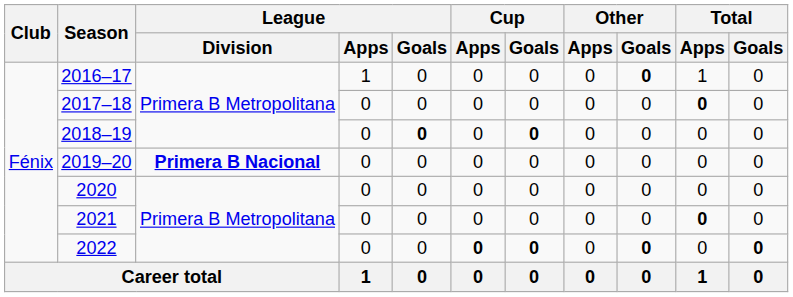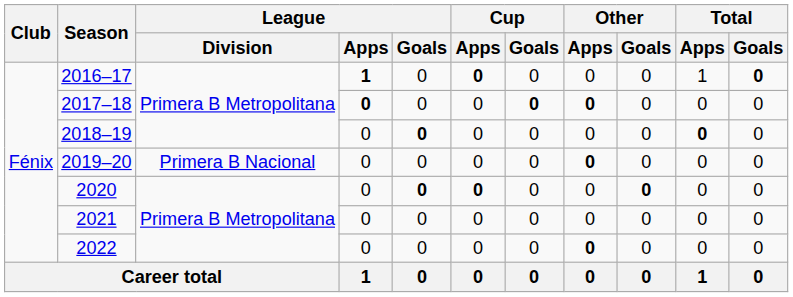 <table class=wikitable style=text-align:center>
 <tr>
 <th rowspan=2>Club</th>
 <th rowspan=2>Season</th>
 <th colspan=3>League</th>
 <th colspan=2>Cup</th>
 <th colspan=2>Other</th>
 <th colspan=2>Total</th>
 </tr>
 <tr>
 <th>Division</th>
 <th>Apps</th>
 <th>Goals</th>
 <th>Apps</th>
 <th>Goals</th>
 <th>Apps</th>
 <th>Goals</th>
 <th>Apps</th>
 <th>Goals</th>
 </tr>
 <tr>
 <td rowspan=7><a href='#'>Fénix</a></td>
 <td><a href='#'>2016–17</a></td>
 <td rowspan=3><a href='#'>Primera B Metropolitana</a></td>
-<td>1</td>
+<td><strong>1</strong></td>
+<td>0</td>
+<td><strong>0</strong></td>
 <td>0</td>
 <td>0</td>
 <td>0</td>
+<td>1</td>
+<td><strong>0</strong></td>
+</tr>
+<tr>
+<td><a href='#'>2017–18</a></td>
+<td><strong>0</strong></td>
+<td>0</td>
 <td>0</td>
 <td><strong>0</strong></td>
-<td>1</td>
+<td><strong>0</strong></td>
+<td>0</td>
+<td>0</td>
 <td>0</td>
 </tr>
 <tr>
-<td><a href='#'>2017–18</a></td>
+<td><a href='#'>2018–19</a></td>
 <td>0</td>
-<td>0</td>
+<td><strong>0</strong></td>
 <td>0</td>
 <td>0</td>
 <td>0</td>
 <td>0</td>
 <td><strong>0</strong></td>
 <td>0</td>
 </tr>
 <tr>
-<td><a href='#'>2018–19</a></td>
-<td>0</td>
-<td><strong>0</strong></td>
-<td>0</td>
-<td><strong>0</strong></td>
+<td><a href='#'>2019–20</a></td>
+<td><a href='#'>Primera B Nacional</a></td>
 <td>0</td>
 <td>0</td>
 <td>0</td>
 <td>0</td>
-</tr>
-<tr>
-<td><a href='#'>2019–20</a></td>
-<td><strong><a href='#'>Primera B Nacional</a></strong></td>
-<td>0</td>
-<td>0</td>
-<td>0</td>
-<td>0</td>
-<td>0</td>
+<td><strong>0</strong></td>
 <td>0</td>
 <td>0</td>
 <td>0</td>
 </tr>
 <tr>
 <td><a href='#'>2020</a></td>
 <td rowspan=3><a href='#'>Primera B Metropolitana</a></td>
 <td>0</td>
+<td><strong>0</strong></td>
+<td><strong>0</strong></td>
 <td>0</td>
 <td>0</td>
-<td>0</td>
-<td>0</td>
-<td>0</td>
+<td><strong>0</strong></td>
 <td>0</td>
 <td>0</td>
 </tr>
 <tr>
 <td><a href='#'>2021</a></td>
 <td>0</td>
 <td>0</td>
 <td>0</td>
 <td>0</td>
 <td>0</td>
 <td>0</td>
-<td><strong>0</strong></td>
+<td>0</td>
 <td>0</td>
 </tr>
 <tr>
 <td><a href='#'>2022</a></td>
 <td>0</td>
 <td>0</td>
-<td><strong>0</strong></td>
-<td><strong>0</strong></td>
+<td>0</td>
 <td>0</td>
 <td><strong>0</strong></td>
 <td>0</td>
-<td><strong>0</strong></td>
+<td>0</td>
+<td>0</td>
 </tr>
 <tr>
 <th colspan=3>Career total</th>
 <th>1</th>
 <th>0</th>
 <th>0</th>
 <th>0</th>
 <th>0</th>
 <th>0</th>
 <th>1</th>
 <th>0</th>
 </tr>
 </table>
